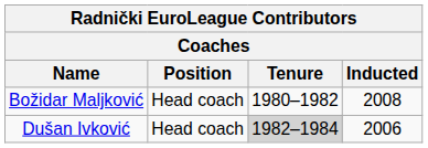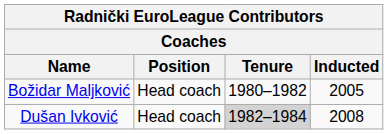 <table class="wikitable" style="text-align:center">
 <tr>
 <th colspan="5">Radnički EuroLeague Contributors</th>
 </tr>
 <tr>
 <th colspan="5">Coaches</th>
 </tr>
 <tr>
 <th colspan=2>Name</th>
 <th>Position</th>
 <th>Tenure</th>
 <th>Inducted</th>
 </tr>
 <tr>
 <td colspan=2><a href='#'>Božidar Maljković</a></td>
 <td>Head coach</td>
 <td>1980–1982</td>
-<td>2008</td>
+<td>2005</td>
 </tr>
 <tr>
 <td colspan=2><a href='#'>Dušan Ivković</a></td>
 <td>Head coach</td>
 <td style="background: lightgrey;">1982–1984</td>
-<td>2006</td>
+<td>2008</td>
 </tr>
 </table>
